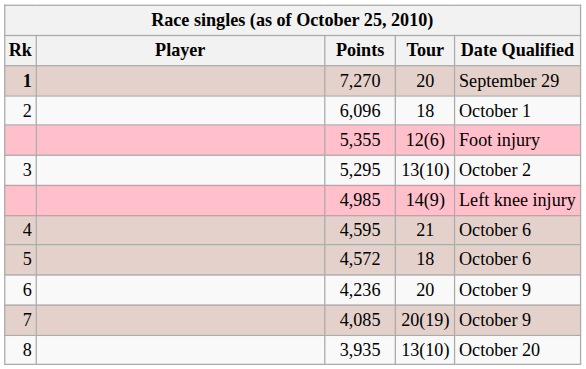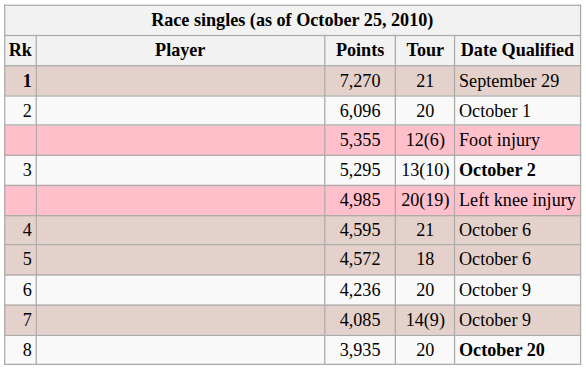 <table class=wikitable align=right style=font-size:90%;text:justify>
 <tr>
 <th colspan=5>Race singles (as of October 25, 2010)</th>
 </tr>
 <tr>
 <th>Rk</th>
 <th width=222>Player</th>
 <th width=50>Points</th>
 <th width=40>Tour</th>
 <th>Date Qualified</th>
 </tr>
 <tr bgcolor=#e5d1cb>
 <td align=right><strong>1</strong></td>
 <td></td>
 <td align=center>7,270</td>
-<td align=center>20</td>
+<td align=center>21</td>
 <td>September 29</td>
 </tr>
 <tr>
 <td align=right>2</td>
 <td></td>
 <td align=center>6,096</td>
-<td align=center>18</td>
+<td align=center>20</td>
 <td>October 1</td>
 </tr>
 <tr bgcolor=pink>
 <td></td>
 <td></td>
 <td align=center>5,355</td>
 <td align=center>12(6)</td>
 <td>Foot injury</td>
 </tr>
 <tr>
 <td align=right>3</td>
 <td></td>
 <td align=center>5,295</td>
 <td align=center>13(10)</td>
-<td>October 2</td>
+<td><strong>October 2</strong></td>
 </tr>
 <tr bgcolor=pink>
 <td></td>
 <td></td>
 <td align=center>4,985</td>
-<td align=center>14(9)</td>
+<td align=center>20(19)</td>
 <td>Left knee injury</td>
 </tr>
 <tr bgcolor=#e5d1cb>
 <td align=right>4</td>
 <td></td>
 <td align=center>4,595</td>
 <td align=center>21</td>
 <td>October 6</td>
 </tr>
 <tr bgcolor=#e5d1cb>
 <td align=right>5</td>
 <td></td>
 <td align=center>4,572</td>
 <td align=center>18</td>
 <td>October 6</td>
 </tr>
 <tr>
 <td align=right>6</td>
 <td></td>
 <td align=center>4,236</td>
 <td align=center>20</td>
 <td>October 9</td>
 </tr>
 <tr bgcolor=#e5d1cb>
 <td align=right>7</td>
 <td></td>
 <td align=center>4,085</td>
-<td align=center>20(19)</td>
+<td align=center>14(9)</td>
 <td>October 9</td>
 </tr>
 <tr>
 <td align=right>8</td>
 <td></td>
 <td align=center>3,935</td>
-<td align=center>13(10)</td>
-<td>October 20</td>
+<td align=center>20</td>
+<td><strong>October 20</strong></td>
 </tr>
 </table>
